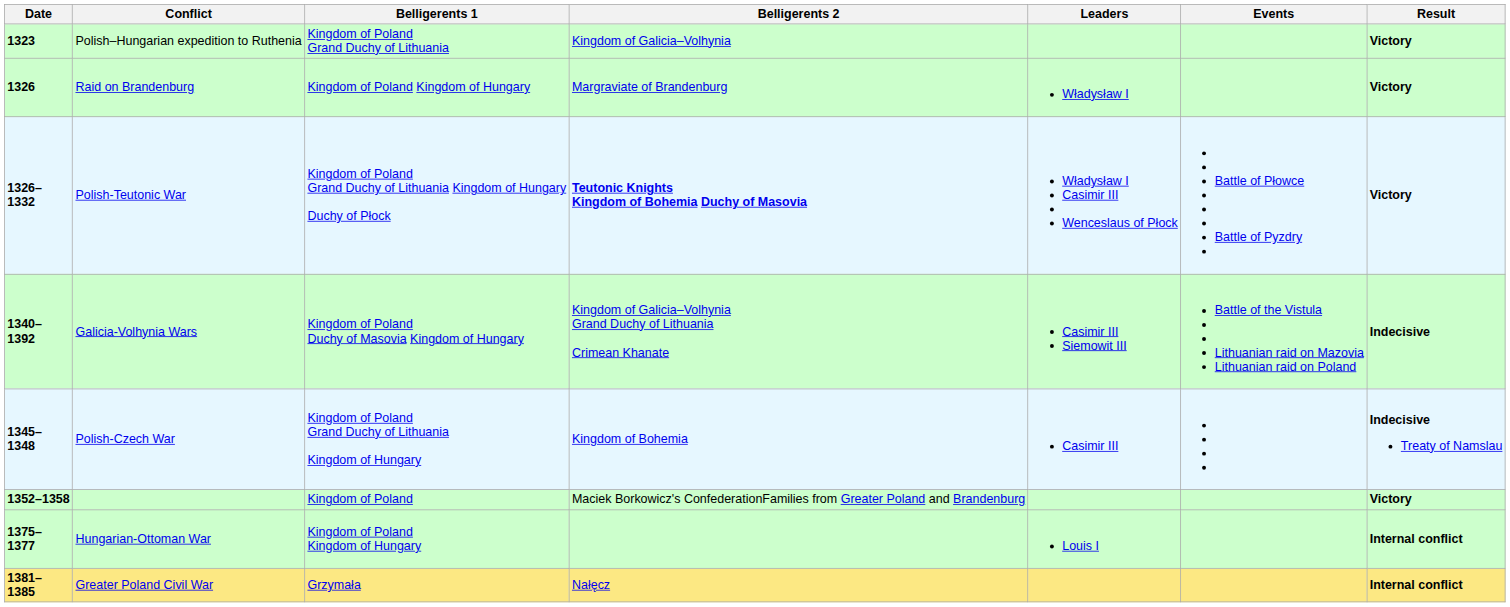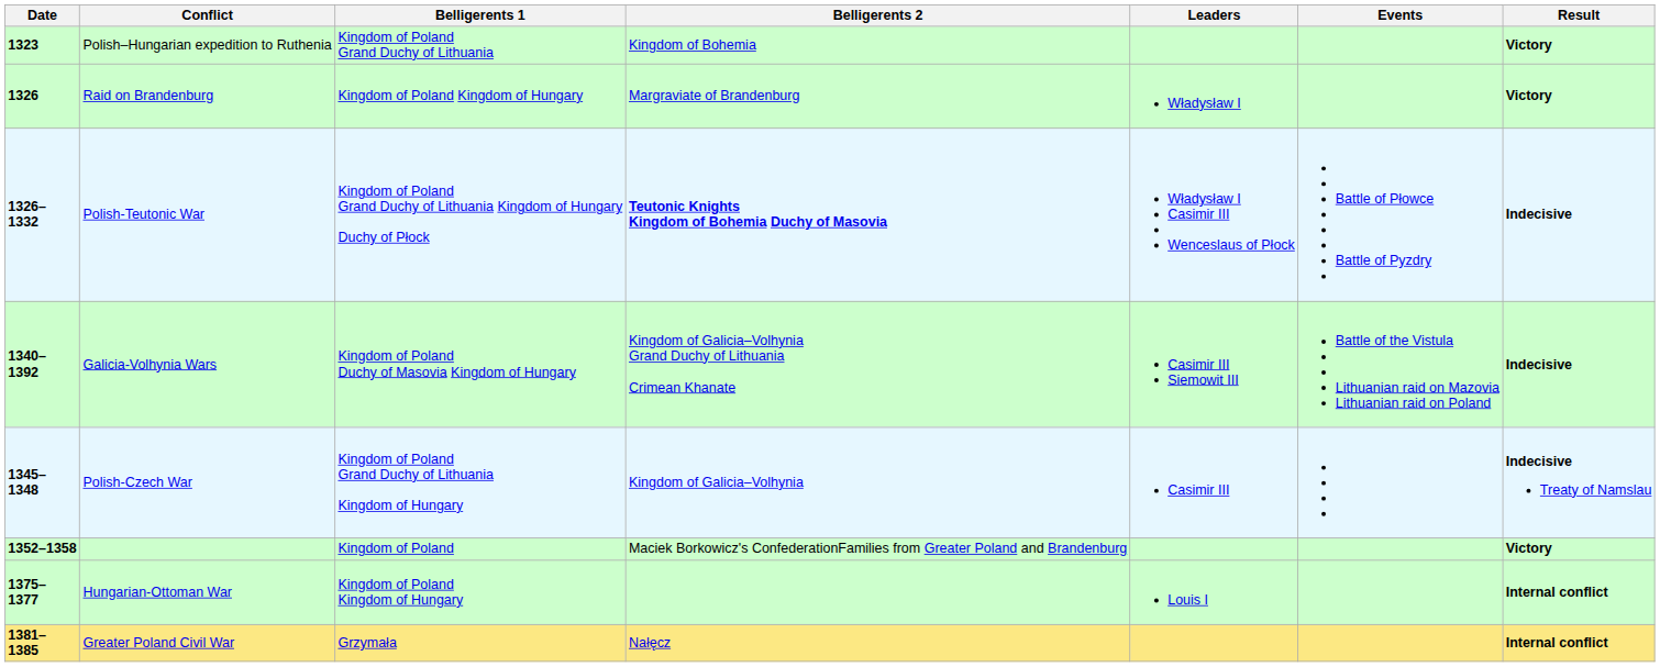 <table class="wikitable sortable">
 <tr>
 <th>Date</th>
 <th>Conflict</th>
 <th>Belligerents 1</th>
 <th>Belligerents 2</th>
 <th>Leaders</th>
 <th>Events</th>
 <th>Result</th>
 </tr>
 <tr -- bgcolor="#CCFFCC">
 <td><strong>1323</strong></td>
 <td>Polish–Hungarian expedition to Ruthenia</td>
 <td> <a href='#'>Kingdom of Poland</a><br> <a href='#'>Grand Duchy of Lithuania</a></td>
-<td> <a href='#'>Kingdom of Galicia–Volhynia</a></td>
+<td> <a href='#'>Kingdom of Bohemia</a></td>
 <td></td>
 <td></td>
 <td><strong>Victory</strong></td>
 </tr>
 <tr -- bgcolor="#CCFFCC">
 <td><strong>1326</strong></td>
 <td><a href='#'>Raid on Brandenburg</a></td>
 <td> <a href='#'>Kingdom of Poland</a> <a href='#'>Kingdom of Hungary</a></td>
 <td> <a href='#'>Margraviate of Brandenburg</a></td>
 <td><br><ul><li><a href='#'>Władysław I</a></li></ul></td>
 <td></td>
 <td><strong>Victory</strong></td>
 </tr>
 <tr - bgcolor="#E6F7FF">
 <td><strong>1326–</strong><br><strong>1332</strong></td>
 <td><a href='#'>Polish-Teutonic War</a></td>
 <td> <a href='#'>Kingdom of Poland</a><br> <a href='#'>Grand Duchy of Lithuania</a>   <a href='#'>Kingdom of Hungary</a><br><br> <a href='#'>Duchy of Płock</a></td>
 <td><strong> <a href='#'>Teutonic Knights</a><br> <a href='#'>Kingdom of Bohemia</a>   <a href='#'>Duchy of Masovia</a></strong></td>
 <td><br><ul><li><a href='#'>Władysław I</a></li><li><a href='#'>Casimir III</a></li><li></li><li><a href='#'>Wenceslaus of Płock</a></li></ul></td>
 <td><br><ul><li></li><li></li><li><a href='#'>Battle of Płowce</a></li><li></li><li></li><li></li><li><a href='#'>Battle of Pyzdry</a></li><li></li></ul></td>
-<td><strong>Victory</strong></td>
+<td><strong>Indecisive</strong></td>
 </tr>
 <tr -- bgcolor="#CCFFCC">
 <td><strong>1340–</strong><br><strong>1392</strong></td>
 <td><a href='#'>Galicia-Volhynia Wars</a></td>
 <td> <a href='#'>Kingdom of Poland</a><br> <a href='#'>Duchy of Masovia</a>   <a href='#'>Kingdom of Hungary</a></td>
 <td> <a href='#'>Kingdom of Galicia–Volhynia</a><br> <a href='#'>Grand Duchy of Lithuania</a><br><br> <a href='#'>Crimean Khanate</a></td>
 <td><br><ul><li><a href='#'>Casimir III</a></li><li><a href='#'>Siemowit III</a></li></ul></td>
 <td><br><ul><li><a href='#'>Battle of the Vistula</a></li><li></li><li></li><li><a href='#'>Lithuanian raid on Mazovia</a></li><li><a href='#'>Lithuanian raid on Poland</a></li></ul></td>
 <td><strong>Indecisive</strong></td>
 </tr>
 <tr - bgcolor="#E6F7FF">
 <td><strong>1345–</strong><br><strong>1348</strong></td>
 <td><a href='#'>Polish-Czech War</a></td>
 <td> <a href='#'>Kingdom of Poland</a><br> <a href='#'>Grand Duchy of Lithuania</a><br><br> <a href='#'>Kingdom of Hungary</a></td>
-<td> <a href='#'>Kingdom of Bohemia</a></td>
+<td> <a href='#'>Kingdom of Galicia–Volhynia</a></td>
 <td><br><ul><li><a href='#'>Casimir III</a></li></ul></td>
 <td><br><ul><li></li><li></li><li></li><li></li></ul></td>
 <td><strong>Indecisive</strong><br><ul><li><a href='#'>Treaty of Namslau</a></li></ul></td>
 </tr>
 <tr - bgcolor="#CCFFCC">
 <td><strong>1352–1358</strong></td>
 <td></td>
 <td> <a href='#'>Kingdom of Poland</a></td>
 <td>Maciek Borkowicz's ConfederationFamilies from <a href='#'>Greater Poland</a> and <a href='#'>Brandenburg</a></td>
 <td></td>
 <td></td>
 <td><strong>Victory</strong></td>
 </tr>
 <tr - bgcolor="#CCFFCC">
 <td><strong>1375–</strong><br><strong>1377</strong></td>
 <td><a href='#'>Hungarian-Ottoman War</a></td>
 <td> <a href='#'>Kingdom of Poland</a><br> <a href='#'>Kingdom of Hungary</a></td>
 <td></td>
 <td><br><ul><li><a href='#'>Louis I</a></li></ul></td>
 <td></td>
 <td><strong>Internal conflict</strong></td>
 </tr>
 <tr --- bgcolor=#FCE883>
 <td><strong>1381–</strong><br><strong>1385</strong></td>
 <td><a href='#'>Greater Poland Civil War</a></td>
 <td> <a href='#'>Grzymała</a></td>
 <td> <a href='#'>Nałęcz</a></td>
 <td></td>
 <td></td>
 <td><strong>Internal conflict</strong></td>
 </tr>
 </table>
